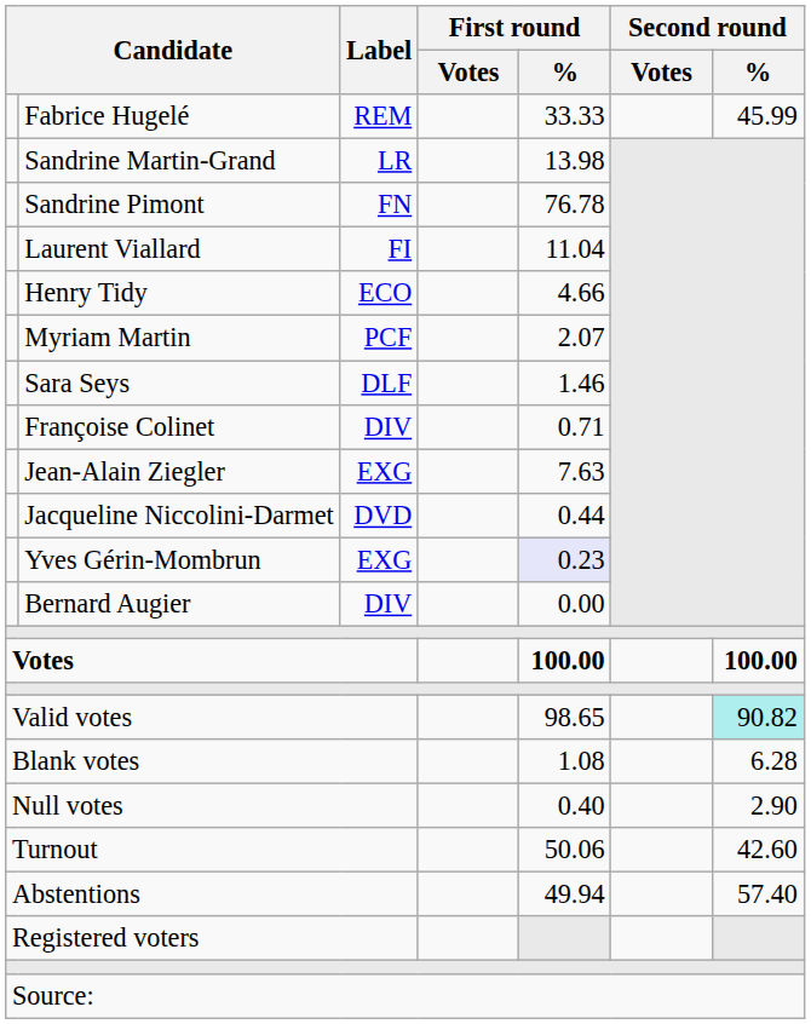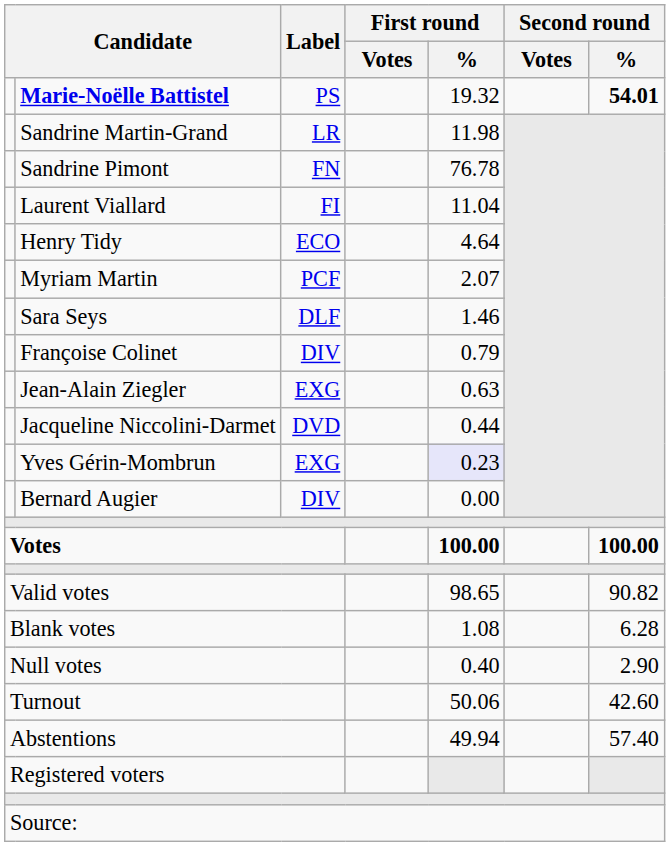 <table class="wikitable" style="text-align:right;font-size:95%;">
 <tr>
 <th rowspan="2" colspan="2">Candidate</th>
 <th rowspan="2">Label</th>
 <th colspan="2">First round</th>
 <th colspan="2">Second round</th>
 </tr>
 <tr>
 <th style="width:50px;">Votes</th>
 <th style="width:45px;">%</th>
 <th style="width:50px;">Votes</th>
 <th style="width:45px;">%</th>
 </tr>
 <tr>
 <td style="color:inherit;background:"></td>
-<td style="text-align:left;">Fabrice Hugelé</td>
-<td><a href='#'>REM</a></td>
+<td style="text-align:left;"><strong><a href='#'>Marie-Noëlle Battistel</a></strong></td>
+<td><a href='#'>PS</a></td>
 <td></td>
-<td>33.33</td>
-<td></td>
-<td>45.99</td>
+<td>19.32</td>
+<td><strong></strong></td>
+<td><strong>54.01</strong></td>
 </tr>
 <tr>
 <td style="color:inherit;background:"></td>
 <td style="text-align:left;">Sandrine Martin-Grand</td>
 <td><a href='#'>LR</a></td>
 <td></td>
-<td>13.98</td>
+<td>11.98</td>
 <td colspan="2" rowspan="11" style="background:#E9E9E9;"></td>
 </tr>
 <tr>
 <td style="color:inherit;background:"></td>
 <td style="text-align:left;">Sandrine Pimont</td>
 <td><a href='#'>FN</a></td>
 <td></td>
 <td>76.78</td>
 </tr>
 <tr>
 <td style="color:inherit;background:"></td>
 <td style="text-align:left;">Laurent Viallard</td>
 <td><a href='#'>FI</a></td>
 <td></td>
 <td>11.04</td>
 </tr>
 <tr>
 <td style="color:inherit;background:"></td>
 <td style="text-align:left;">Henry Tidy</td>
 <td><a href='#'>ECO</a></td>
 <td></td>
-<td>4.66</td>
+<td>4.64</td>
 </tr>
 <tr>
 <td style="color:inherit;background:"></td>
 <td style="text-align:left;">Myriam Martin</td>
 <td><a href='#'>PCF</a></td>
 <td></td>
 <td>2.07</td>
 </tr>
 <tr>
 <td style="color:inherit;background:"></td>
 <td style="text-align:left;">Sara Seys</td>
 <td><a href='#'>DLF</a></td>
 <td></td>
 <td>1.46</td>
 </tr>
 <tr>
 <td style="color:inherit;background:"></td>
 <td style="text-align:left;">Françoise Colinet</td>
 <td><a href='#'>DIV</a></td>
 <td></td>
-<td>0.71</td>
+<td>0.79</td>
 </tr>
 <tr>
 <td style="color:inherit;background:"></td>
 <td style="text-align:left;">Jean-Alain Ziegler</td>
 <td><a href='#'>EXG</a></td>
 <td></td>
-<td>7.63</td>
+<td>0.63</td>
 </tr>
 <tr>
 <td style="color:inherit;background:"></td>
 <td style="text-align:left;">Jacqueline Niccolini-Darmet</td>
 <td><a href='#'>DVD</a></td>
 <td></td>
 <td>0.44</td>
 </tr>
 <tr>
 <td style="color:inherit;background:"></td>
 <td style="text-align:left;">Yves Gérin-Mombrun</td>
 <td><a href='#'>EXG</a></td>
 <td></td>
 <td style="background: lavender;">0.23</td>
 </tr>
 <tr>
 <td style="color:inherit;background:"></td>
 <td style="text-align:left;">Bernard Augier</td>
 <td><a href='#'>DIV</a></td>
 <td></td>
 <td>0.00</td>
 </tr>
 <tr>
 <td colspan="7" style="background:#E9E9E9;"></td>
 </tr>
 <tr style="font-weight:bold;">
 <td colspan="3" style="text-align:left;">Votes</td>
 <td></td>
 <td>100.00</td>
 <td></td>
 <td>100.00</td>
 </tr>
 <tr>
 <td colspan="7" style="background:#E9E9E9;"></td>
 </tr>
 <tr>
 <td colspan="3" style="text-align:left;">Valid votes</td>
 <td></td>
 <td>98.65</td>
 <td></td>
-<td style="background: paleturquoise;">90.82</td>
+<td>90.82</td>
 </tr>
 <tr>
 <td colspan="3" style="text-align:left;">Blank votes</td>
 <td></td>
 <td>1.08</td>
 <td></td>
 <td>6.28</td>
 </tr>
 <tr>
 <td colspan="3" style="text-align:left;">Null votes</td>
 <td></td>
 <td>0.40</td>
 <td></td>
 <td>2.90</td>
 </tr>
 <tr>
 <td colspan="3" style="text-align:left;">Turnout</td>
 <td></td>
 <td>50.06</td>
 <td></td>
 <td>42.60</td>
 </tr>
 <tr>
 <td colspan="3" style="text-align:left;">Abstentions</td>
 <td></td>
 <td>49.94</td>
 <td></td>
 <td>57.40</td>
 </tr>
 <tr>
 <td colspan="3" style="text-align:left;">Registered voters</td>
 <td></td>
 <td style="color:inherit;background:#E9E9E9;"></td>
 <td></td>
 <td style="color:inherit;background:#E9E9E9;"></td>
 </tr>
 <tr>
 <td colspan="7" style="background:#E9E9E9;"></td>
 </tr>
 <tr>
 <td colspan="7" style="text-align:left;">Source: </td>
 </tr>
 </table>
